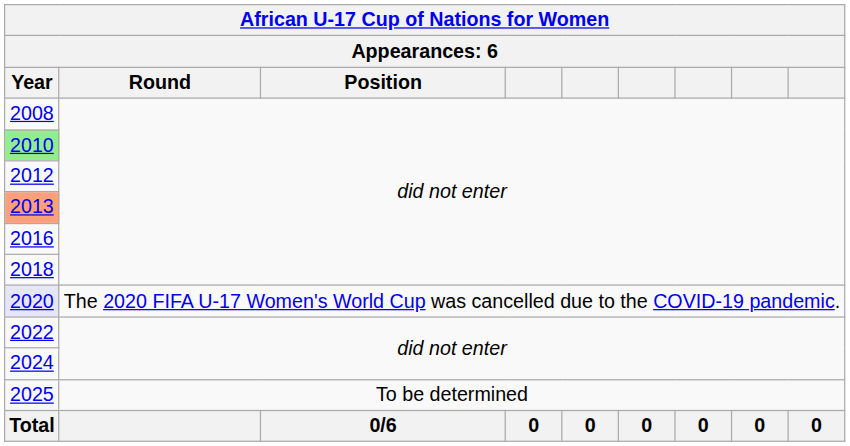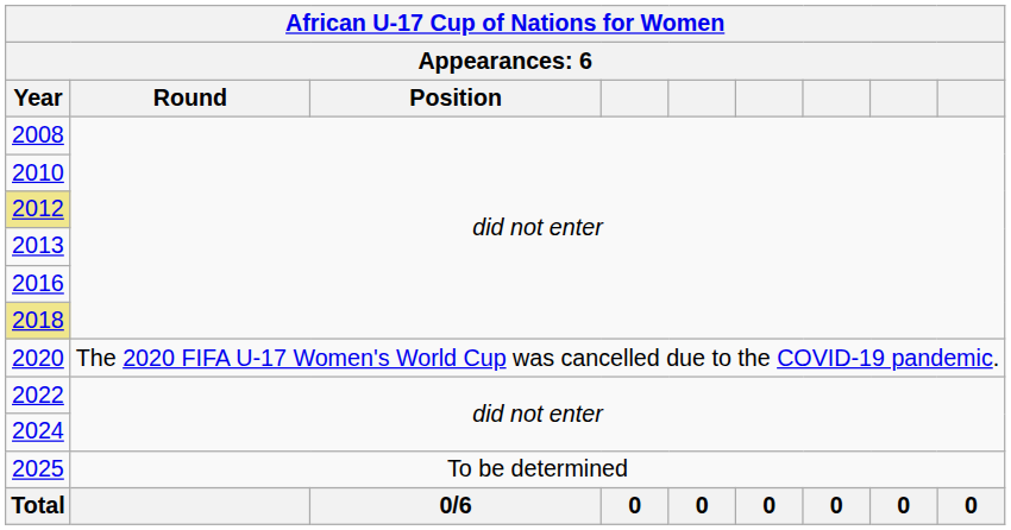 <table class="wikitable" style="text-align: center;">
 <tr>
 <th colspan=9><a href='#'>African U-17 Cup of Nations for Women</a></th>
 </tr>
 <tr>
 <th colspan=9>Appearances: 6</th>
 </tr>
 <tr>
 <th>Year</th>
 <th>Round</th>
 <th>Position</th>
 <th></th>
 <th></th>
 <th></th>
 <th></th>
 <th></th>
 <th></th>
 </tr>
 <tr>
 <td><a href='#'>2008</a></td>
 <td rowspan=6 colspan=8><em>did not enter</em></td>
 </tr>
 <tr>
-<td style="background: lightgreen;"><a href='#'>2010</a></td>
+<td><a href='#'>2010</a></td>
 </tr>
 <tr>
-<td><a href='#'>2012</a></td>
+<td style="background: khaki;"><a href='#'>2012</a></td>
 </tr>
 <tr>
-<td style="background: lightsalmon;"><a href='#'>2013</a></td>
+<td><a href='#'>2013</a></td>
 </tr>
 <tr>
 <td><a href='#'>2016</a></td>
 </tr>
 <tr>
-<td><a href='#'>2018</a></td>
+<td style="background: khaki;"><a href='#'>2018</a></td>
 </tr>
 <tr>
-<td style="background: lavender;"><a href='#'>2020</a></td>
+<td><a href='#'>2020</a></td>
 <td colspan=8>The <a href='#'>2020 FIFA U-17 Women's World Cup</a> was cancelled due to the <a href='#'>COVID-19 pandemic</a>.</td>
 </tr>
 <tr>
 <td><a href='#'>2022</a></td>
 <td rowspan=2 colspan=8><em>did not enter</em></td>
 </tr>
 <tr>
 <td><a href='#'>2024</a></td>
 </tr>
 <tr>
 <td><a href='#'>2025</a></td>
 <td colspan=8>To be determined</td>
 </tr>
 <tr>
 <th>Total</th>
 <th></th>
 <th>0/6</th>
 <th>0</th>
 <th>0</th>
 <th>0</th>
 <th>0</th>
 <th>0</th>
 <th>0</th>
 </tr>
 </table>
